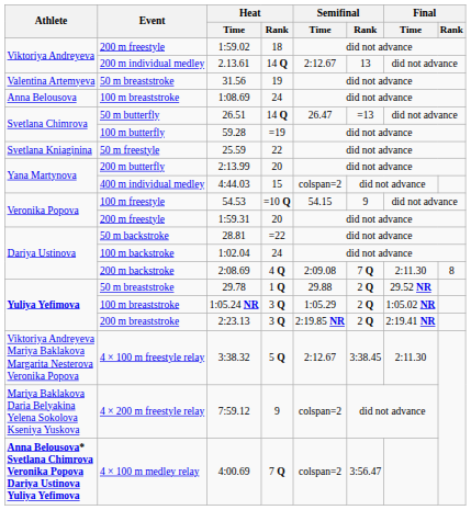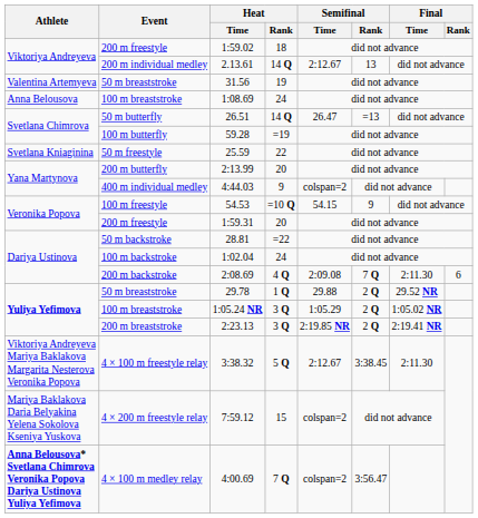 <table class=wikitable style="font-size:90%">
 <tr>
 <th rowspan="2">Athlete</th>
 <th rowspan="2">Event</th>
 <th colspan="2">Heat</th>
 <th colspan="2">Semifinal</th>
 <th colspan="2">Final</th>
 </tr>
 <tr style="font-size:95%">
 <th>Time</th>
 <th>Rank</th>
 <th>Time</th>
 <th>Rank</th>
 <th>Time</th>
 <th>Rank</th>
 </tr>
 <tr align=center>
 <td align=left rowspan=2><a href='#'>Viktoriya Andreyeva</a></td>
 <td align=left><a href='#'>200 m freestyle</a></td>
 <td>1:59.02</td>
 <td>18</td>
 <td colspan=4>did not advance</td>
 </tr>
 <tr align=center>
 <td align=left><a href='#'>200 m individual medley</a></td>
 <td>2.13.61</td>
 <td>14 <strong>Q</strong></td>
 <td>2:12.67</td>
 <td>13</td>
 <td colspan=2>did not advance</td>
 </tr>
 <tr align=center>
 <td align=left><a href='#'>Valentina Artemyeva</a></td>
 <td align=left><a href='#'>50 m breaststroke</a></td>
 <td>31.56</td>
 <td>19</td>
 <td colspan=4>did not advance</td>
 </tr>
 <tr align=center>
 <td align=left><a href='#'>Anna Belousova</a></td>
 <td align=left><a href='#'>100 m breaststroke</a></td>
 <td>1:08.69</td>
 <td>24</td>
 <td colspan=4>did not advance</td>
 </tr>
 <tr align=center>
 <td align=left rowspan=2><a href='#'>Svetlana Chimrova</a></td>
 <td align=left><a href='#'>50 m butterfly</a></td>
 <td>26.51</td>
 <td>14 <strong>Q</strong></td>
 <td>26.47</td>
 <td>=13</td>
 <td colspan=2>did not advance</td>
 </tr>
 <tr align=center>
 <td align=left><a href='#'>100 m butterfly</a></td>
 <td>59.28</td>
 <td>=19</td>
 <td colspan=4>did not advance</td>
 </tr>
 <tr align=center>
 <td align=left><a href='#'>Svetlana Kniaginina</a></td>
 <td align=left><a href='#'>50 m freestyle</a></td>
 <td>25.59</td>
 <td>22</td>
 <td colspan=4>did not advance</td>
 </tr>
 <tr align=center>
 <td align=left rowspan=2><a href='#'>Yana Martynova</a></td>
 <td align=left><a href='#'>200 m butterfly</a></td>
 <td>2:13.99</td>
 <td>20</td>
 <td colspan=4>did not advance</td>
 </tr>
 <tr align=center>
 <td align=left><a href='#'>400 m individual medley</a></td>
 <td>4:44.03</td>
-<td>15</td>
+<td>9</td>
 <td>colspan=2 </td>
 <td colspan=2>did not advance</td>
 </tr>
 <tr align=center>
 <td align=left rowspan=2><a href='#'>Veronika Popova</a></td>
 <td align=left><a href='#'>100 m freestyle</a></td>
 <td>54.53</td>
 <td>=10 <strong>Q</strong></td>
 <td>54.15</td>
 <td>9</td>
 <td colspan=2>did not advance</td>
 </tr>
 <tr align=center>
 <td align=left><a href='#'>200 m freestyle</a></td>
 <td>1:59.31</td>
 <td>20</td>
 <td colspan=4>did not advance</td>
 </tr>
 <tr align=center>
 <td align=left rowspan=3><a href='#'>Dariya Ustinova</a></td>
 <td align=left><a href='#'>50 m backstroke</a></td>
 <td>28.81</td>
 <td>=22</td>
 <td colspan=4>did not advance</td>
 </tr>
 <tr align=center>
 <td align=left><a href='#'>100 m backstroke</a></td>
 <td>1:02.04</td>
 <td>24</td>
 <td colspan=4>did not advance</td>
 </tr>
 <tr align=center>
 <td align=left><a href='#'>200 m backstroke</a></td>
 <td>2:08.69</td>
 <td>4 <strong>Q</strong></td>
 <td>2:09.08</td>
 <td>7 <strong>Q</strong></td>
 <td>2:11.30</td>
-<td>8</td>
+<td>6</td>
 </tr>
 <tr align=center>
 <td align=left rowspan=3><strong><a href='#'>Yuliya Yefimova</a></strong></td>
 <td align=left><a href='#'>50 m breaststroke</a></td>
 <td>29.78 </td>
 <td>1 <strong>Q</strong></td>
 <td>29.88</td>
 <td>2 <strong>Q</strong></td>
 <td>29.52 <strong><a href='#'>NR</a></strong></td>
 <td></td>
 </tr>
 <tr align=center>
 <td align=left><a href='#'>100 m breaststroke</a></td>
 <td>1:05.24 <strong><a href='#'>NR</a></strong></td>
 <td>3 <strong>Q</strong></td>
 <td>1:05.29</td>
 <td>2 <strong>Q</strong></td>
 <td>1:05.02 <strong><a href='#'>NR</a></strong></td>
 <td></td>
 </tr>
 <tr align=center>
 <td align=left><a href='#'>200 m breaststroke</a></td>
 <td>2:23.13</td>
 <td>3 <strong>Q</strong></td>
 <td>2:19.85 <strong><a href='#'>NR</a></strong></td>
 <td>2 <strong>Q</strong></td>
 <td>2:19.41 <strong><a href='#'>NR</a></strong></td>
 <td></td>
 </tr>
 <tr align=center>
 <td align=left><a href='#'>Viktoriya Andreyeva</a><br><a href='#'>Mariya Baklakova</a><br><a href='#'>Margarita Nesterova</a><br><a href='#'>Veronika Popova</a></td>
 <td align=left><a href='#'>4 × 100 m freestyle relay</a></td>
 <td>3:38.32</td>
 <td>5 <strong>Q</strong></td>
 <td>2:12.67</td>
 <td>3:38.45</td>
 <td>2:11.30</td>
 </tr>
 <tr align=center>
 <td align=left><a href='#'>Mariya Baklakova</a><br><a href='#'>Daria Belyakina</a><br><a href='#'>Yelena Sokolova</a><br><a href='#'>Kseniya Yuskova</a></td>
 <td align=left><a href='#'>4 × 200 m freestyle relay</a></td>
 <td>7:59.12</td>
-<td>9</td>
+<td>15</td>
 <td>colspan=2 </td>
 <td colspan=2>did not advance</td>
 </tr>
 <tr align=center>
 <td align=left><strong><a href='#'>Anna Belousova</a>*<br><a href='#'>Svetlana Chimrova</a><br><a href='#'>Veronika Popova</a><br><a href='#'>Dariya Ustinova</a><br><a href='#'>Yuliya Yefimova</a></strong></td>
 <td align=left><a href='#'>4 × 100 m medley relay</a></td>
 <td>4:00.69</td>
 <td>7 <strong>Q</strong></td>
 <td>colspan=2 </td>
 <td>3:56.47</td>
 <td></td>
 </tr>
 </table>
